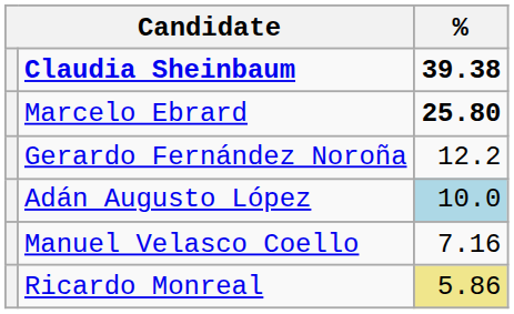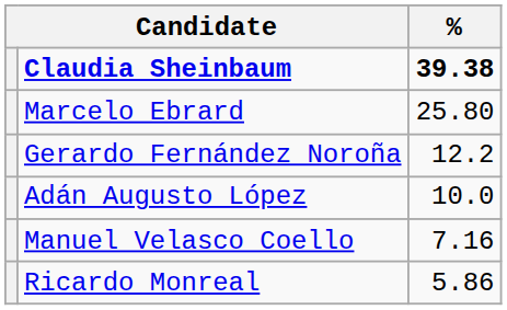 <table class="wikitable" style="font-size:100%">
 <tr>
 <th colspan="2" style="width: 170px">Candidate</th>
 <th style="width: 40px">%</th>
 </tr>
 <tr>
 <th style="background-color: "></th>
 <td><strong><a href='#'>Claudia Sheinbaum</a></strong></td>
 <td align="right"><strong>39.38</strong></td>
 </tr>
 <tr>
 <th style="background-color: "></th>
 <td><a href='#'>Marcelo Ebrard</a></td>
-<td align="right"><strong>25.80</strong></td>
+<td align="right">25.80</td>
 </tr>
 <tr>
 <th style="background-color: "></th>
 <td><a href='#'>Gerardo Fernández Noroña</a></td>
 <td align="right">12.2</td>
 </tr>
 <tr>
 <th style="background-color: "></th>
 <td><a href='#'>Adán Augusto López</a></td>
-<td align="right" style="background: lightblue;">10.0</td>
+<td align="right">10.0</td>
 </tr>
 <tr>
 <th style="background-color: "></th>
 <td><a href='#'>Manuel Velasco Coello</a></td>
 <td align="right">7.16</td>
 </tr>
 <tr>
 <th style="background-color: "></th>
 <td><a href='#'>Ricardo Monreal</a></td>
-<td align="right" style="background: khaki;">5.86</td>
+<td align="right">5.86</td>
 </tr>
 </table>
